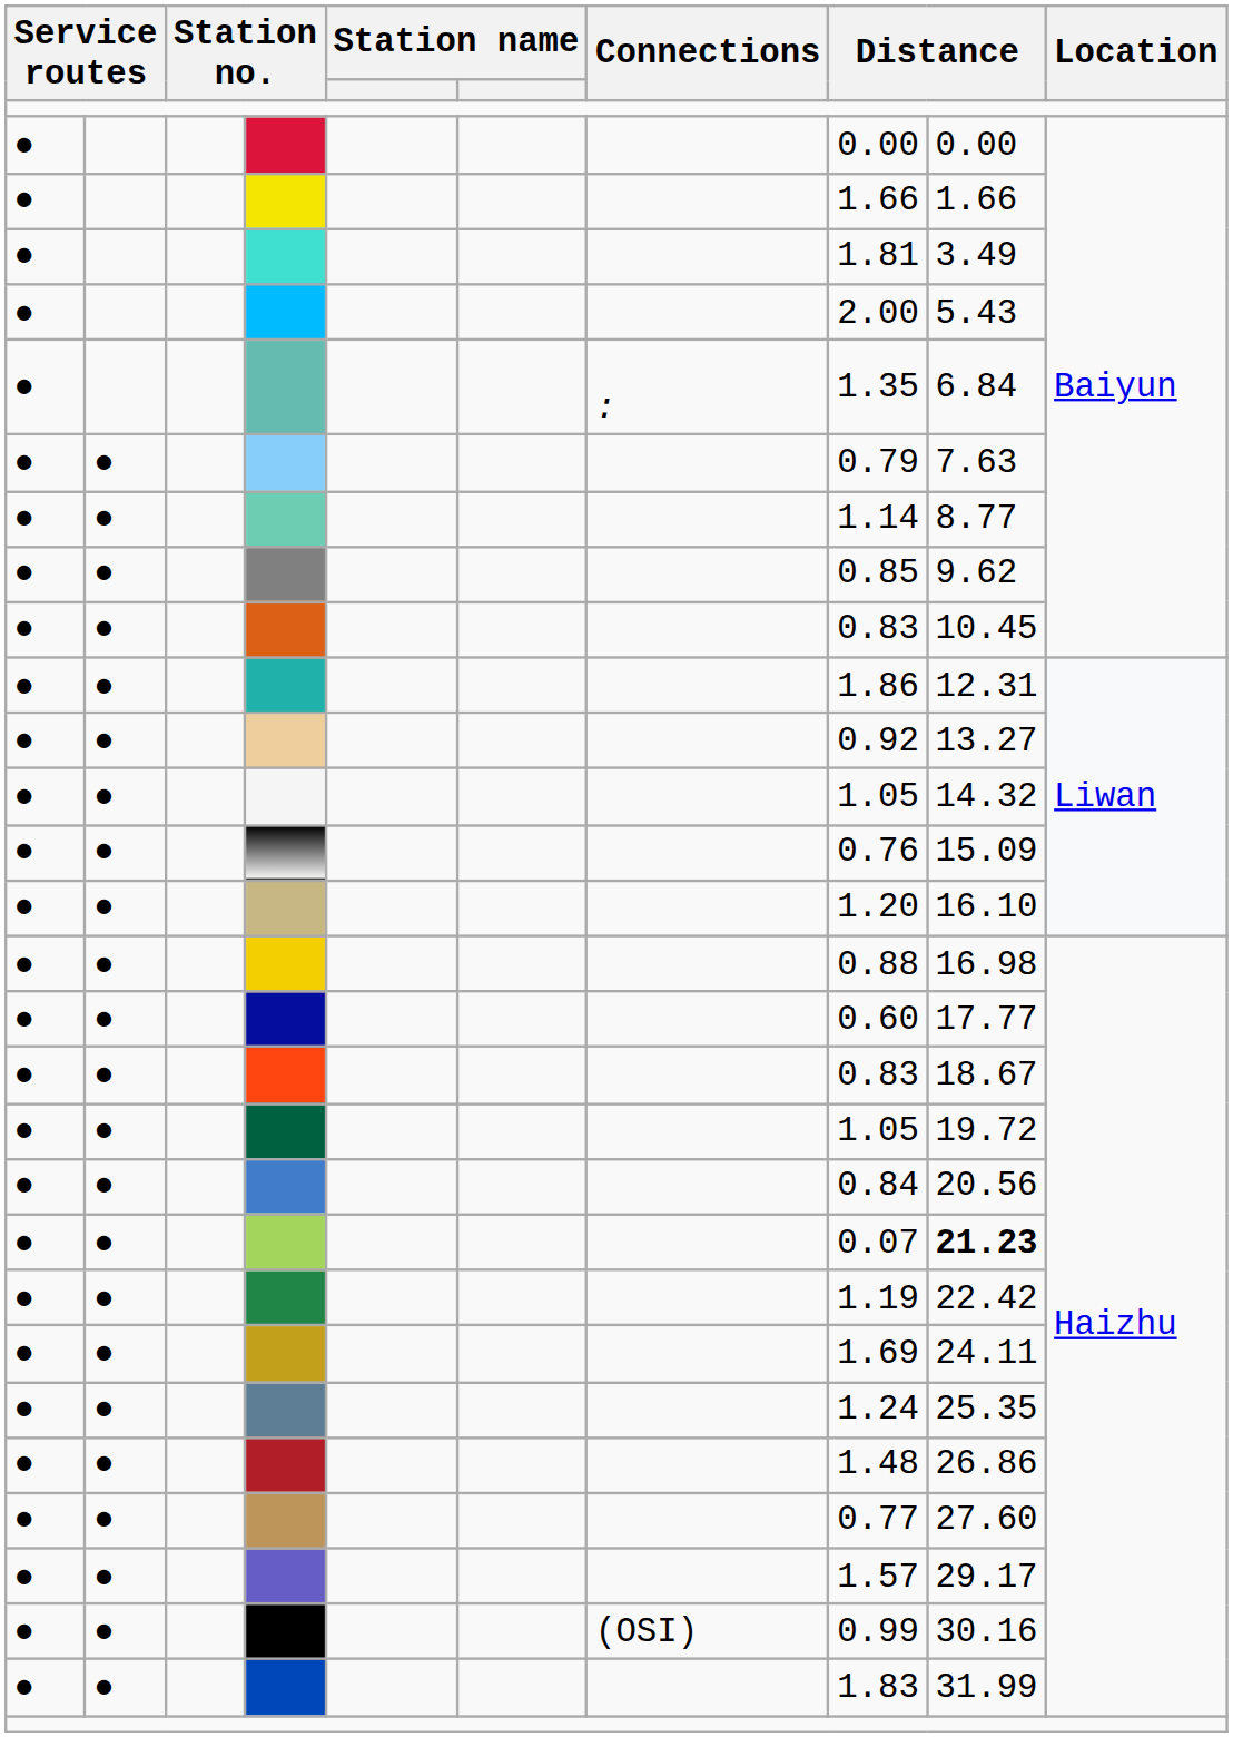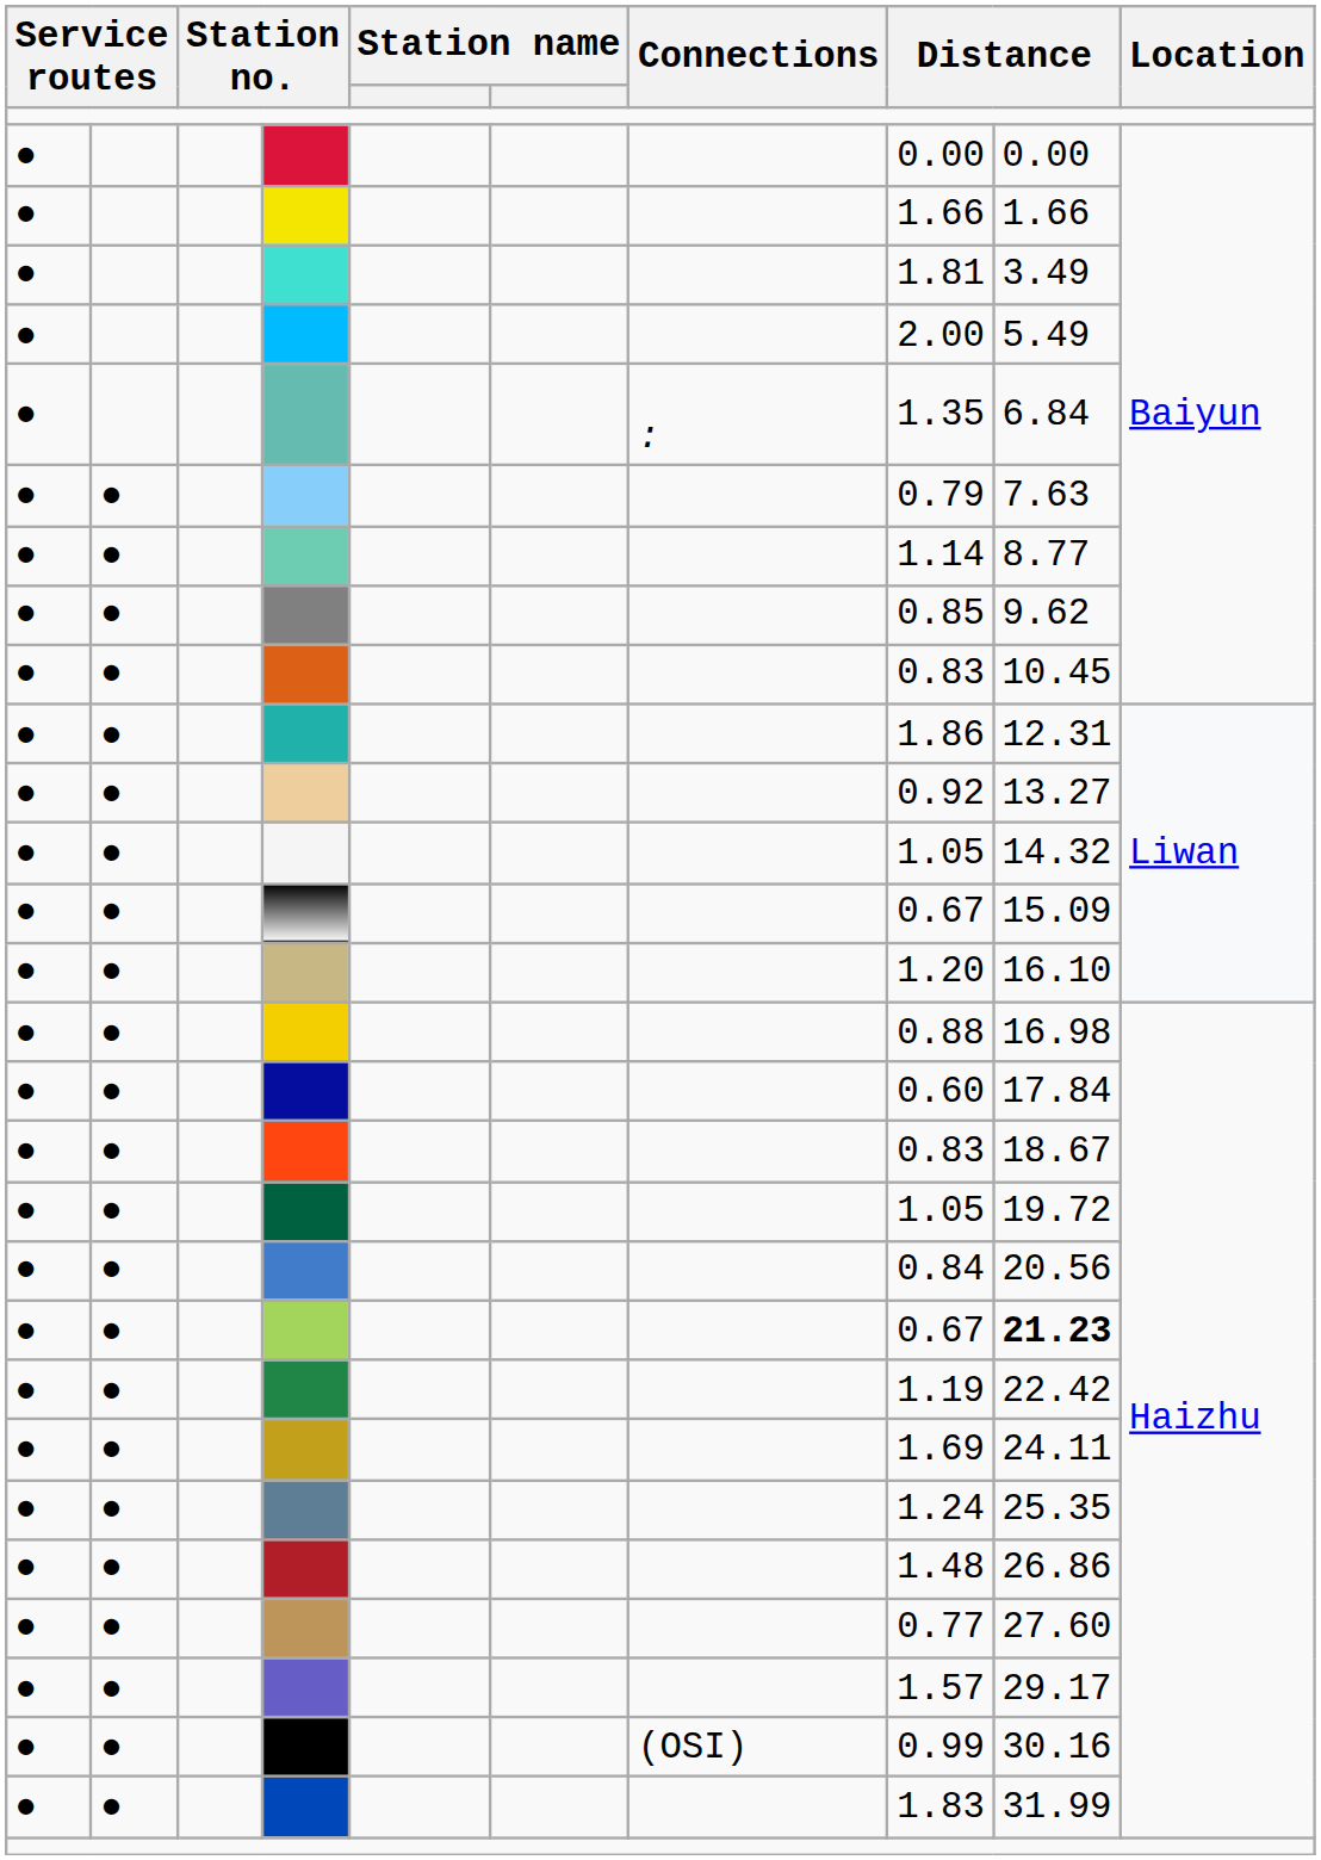 <table class="wikitable">
 <tr>
 <th colspan="2" rowspan="2">Service<br>routes</th>
 <th rowspan="2" colspan="2">Station<br>no.</th>
 <th colspan="2">Station name</th>
 <th rowspan="2">Connections</th>
 <th colspan="2" rowspan="2">Distance<br></th>
 <th rowspan="2">Location</th>
 </tr>
 <tr>
 <th></th>
 <th></th>
 </tr>
 <tr style="background:#">
 <td colspan="10"></td>
 </tr>
 <tr>
 <td>●</td>
 <td></td>
 <td></td>
 <td style="background:#dc143c;"></td>
 <td></td>
 <td></td>
 <td></td>
 <td>0.00</td>
 <td>0.00</td>
 <td rowspan="9"><a href='#'>Baiyun</a></td>
 </tr>
 <tr>
 <td>●</td>
 <td></td>
 <td></td>
 <td style="background:#f4e600;"></td>
 <td></td>
 <td></td>
 <td></td>
 <td>1.66</td>
 <td>1.66</td>
 </tr>
 <tr>
 <td>●</td>
 <td></td>
 <td></td>
 <td style="background:#40e0d0;"></td>
 <td></td>
 <td></td>
 <td></td>
 <td>1.81</td>
 <td>3.49</td>
 </tr>
 <tr>
 <td>●</td>
 <td></td>
 <td></td>
 <td style="background:#00bbff;"></td>
 <td></td>
 <td></td>
 <td></td>
 <td>2.00</td>
-<td>5.43</td>
+<td>5.49</td>
 </tr>
 <tr>
 <td>●</td>
 <td></td>
 <td></td>
 <td style="background:#66bbb0;"></td>
 <td></td>
 <td></td>
 <td><br><em>:    </em></td>
 <td>1.35</td>
 <td>6.84</td>
 </tr>
 <tr>
 <td>●</td>
 <td>●</td>
 <td></td>
 <td style="background:#87cefa;"></td>
 <td></td>
 <td></td>
 <td> </td>
 <td>0.79</td>
 <td>7.63</td>
 </tr>
 <tr>
 <td>●</td>
 <td>●</td>
 <td></td>
 <td style="background:#6ccdb3;"></td>
 <td></td>
 <td></td>
 <td></td>
 <td>1.14</td>
 <td>8.77</td>
 </tr>
 <tr>
 <td>●</td>
 <td>●</td>
 <td></td>
 <td style="background:grey;"></td>
 <td></td>
 <td></td>
 <td></td>
 <td>0.85</td>
 <td>9.62</td>
 </tr>
 <tr>
 <td>●</td>
 <td>●</td>
 <td></td>
 <td style="background:#dc6016;"></td>
 <td></td>
 <td></td>
 <td></td>
 <td>0.83</td>
 <td>10.45</td>
 </tr>
 <tr>
 <td>●</td>
 <td>●</td>
 <td></td>
 <td style="background:#20b2aa;"></td>
 <td></td>
 <td></td>
 <td> </td>
 <td>1.86</td>
 <td>12.31</td>
 <td style="background-color: #f8f9fa;" rowspan="5"><a href='#'>Liwan</a></td>
 </tr>
 <tr>
 <td>●</td>
 <td>●</td>
 <td></td>
 <td style="background:#edce9c"></td>
 <td></td>
 <td></td>
 <td>   </td>
 <td>0.92</td>
 <td>13.27</td>
 </tr>
 <tr>
 <td>●</td>
 <td>●</td>
 <td></td>
 <td style="background:#F5F5F5;"></td>
 <td></td>
 <td></td>
 <td> </td>
 <td>1.05</td>
 <td>14.32</td>
 </tr>
 <tr>
 <td>●</td>
 <td>●</td>
 <td></td>
 <td style="background-image: linear-gradient(to bottom, #000000, #F5F5F5);"></td>
 <td></td>
 <td></td>
 <td></td>
-<td>0.76</td>
+<td>0.67</td>
 <td>15.09</td>
 </tr>
 <tr>
 <td>●</td>
 <td>●</td>
 <td></td>
 <td style="background:#c7b784"></td>
 <td></td>
 <td></td>
 <td> </td>
 <td>1.20</td>
 <td>16.10</td>
 </tr>
 <tr>
 <td>●</td>
 <td>●</td>
 <td></td>
 <td style="background:#f3ce00"></td>
 <td></td>
 <td></td>
 <td></td>
 <td>0.88</td>
 <td>16.98</td>
 <td rowspan=14><a href='#'>Haizhu</a></td>
 </tr>
 <tr>
 <td>●</td>
 <td>●</td>
 <td></td>
 <td style="background:#050D9E"></td>
 <td></td>
 <td></td>
 <td></td>
 <td>0.60</td>
-<td>17.77</td>
+<td>17.84</td>
 </tr>
 <tr>
 <td>●</td>
 <td>●</td>
 <td></td>
 <td style="background:#FF4611"></td>
 <td></td>
 <td></td>
 <td> </td>
 <td>0.83</td>
 <td>18.67</td>
 </tr>
 <tr>
 <td>●</td>
 <td>●</td>
 <td></td>
 <td style="background:#006140"></td>
 <td></td>
 <td></td>
 <td></td>
 <td>1.05</td>
 <td>19.72</td>
 </tr>
 <tr>
 <td>●</td>
 <td>●</td>
 <td></td>
 <td style="background:#407CC9"></td>
 <td></td>
 <td></td>
 <td> </td>
 <td>0.84</td>
 <td>20.56</td>
 </tr>
 <tr>
 <td>●</td>
 <td>●</td>
 <td></td>
 <td style="background:#A3D55D"></td>
 <td></td>
 <td></td>
 <td></td>
-<td>0.07</td>
+<td>0.67</td>
 <td><strong>21.23</strong></td>
 </tr>
 <tr>
 <td>●</td>
 <td>●</td>
 <td></td>
 <td style="background:#208648"></td>
 <td></td>
 <td></td>
 <td></td>
 <td>1.19</td>
 <td>22.42</td>
 </tr>
 <tr>
 <td>●</td>
 <td>●</td>
 <td></td>
 <td style="background:#C3A01C"></td>
 <td></td>
 <td></td>
 <td></td>
 <td>1.69</td>
 <td>24.11</td>
 </tr>
 <tr>
 <td>●</td>
 <td>●</td>
 <td></td>
 <td style="background:#5D7E95"></td>
 <td></td>
 <td></td>
 <td> </td>
 <td>1.24</td>
 <td>25.35</td>
 </tr>
 <tr>
 <td>●</td>
 <td>●</td>
 <td></td>
 <td style="background:#B21E27"></td>
 <td></td>
 <td></td>
 <td> </td>
 <td>1.48</td>
 <td>26.86</td>
 </tr>
 <tr>
 <td>●</td>
 <td>●</td>
 <td></td>
 <td style="background:#BD955A"></td>
 <td></td>
 <td></td>
 <td> <br></td>
 <td>0.77</td>
 <td>27.60</td>
 </tr>
 <tr>
 <td>●</td>
 <td>●</td>
 <td></td>
 <td style="background:#675dc6"></td>
 <td></td>
 <td></td>
 <td></td>
 <td>1.57</td>
 <td>29.17</td>
 </tr>
 <tr>
 <td>●</td>
 <td>●</td>
 <td></td>
 <td style="background:#000000"></td>
 <td></td>
 <td></td>
 <td>  (OSI) </td>
 <td>0.99</td>
 <td>30.16</td>
 </tr>
 <tr>
 <td>●</td>
 <td>●</td>
 <td></td>
 <td style="background:#0047BA"></td>
 <td></td>
 <td></td>
 <td> <br> </td>
 <td>1.83</td>
 <td>31.99</td>
 </tr>
 <tr style="background:#">
 <td colspan="10"></td>
 </tr>
 </table>
